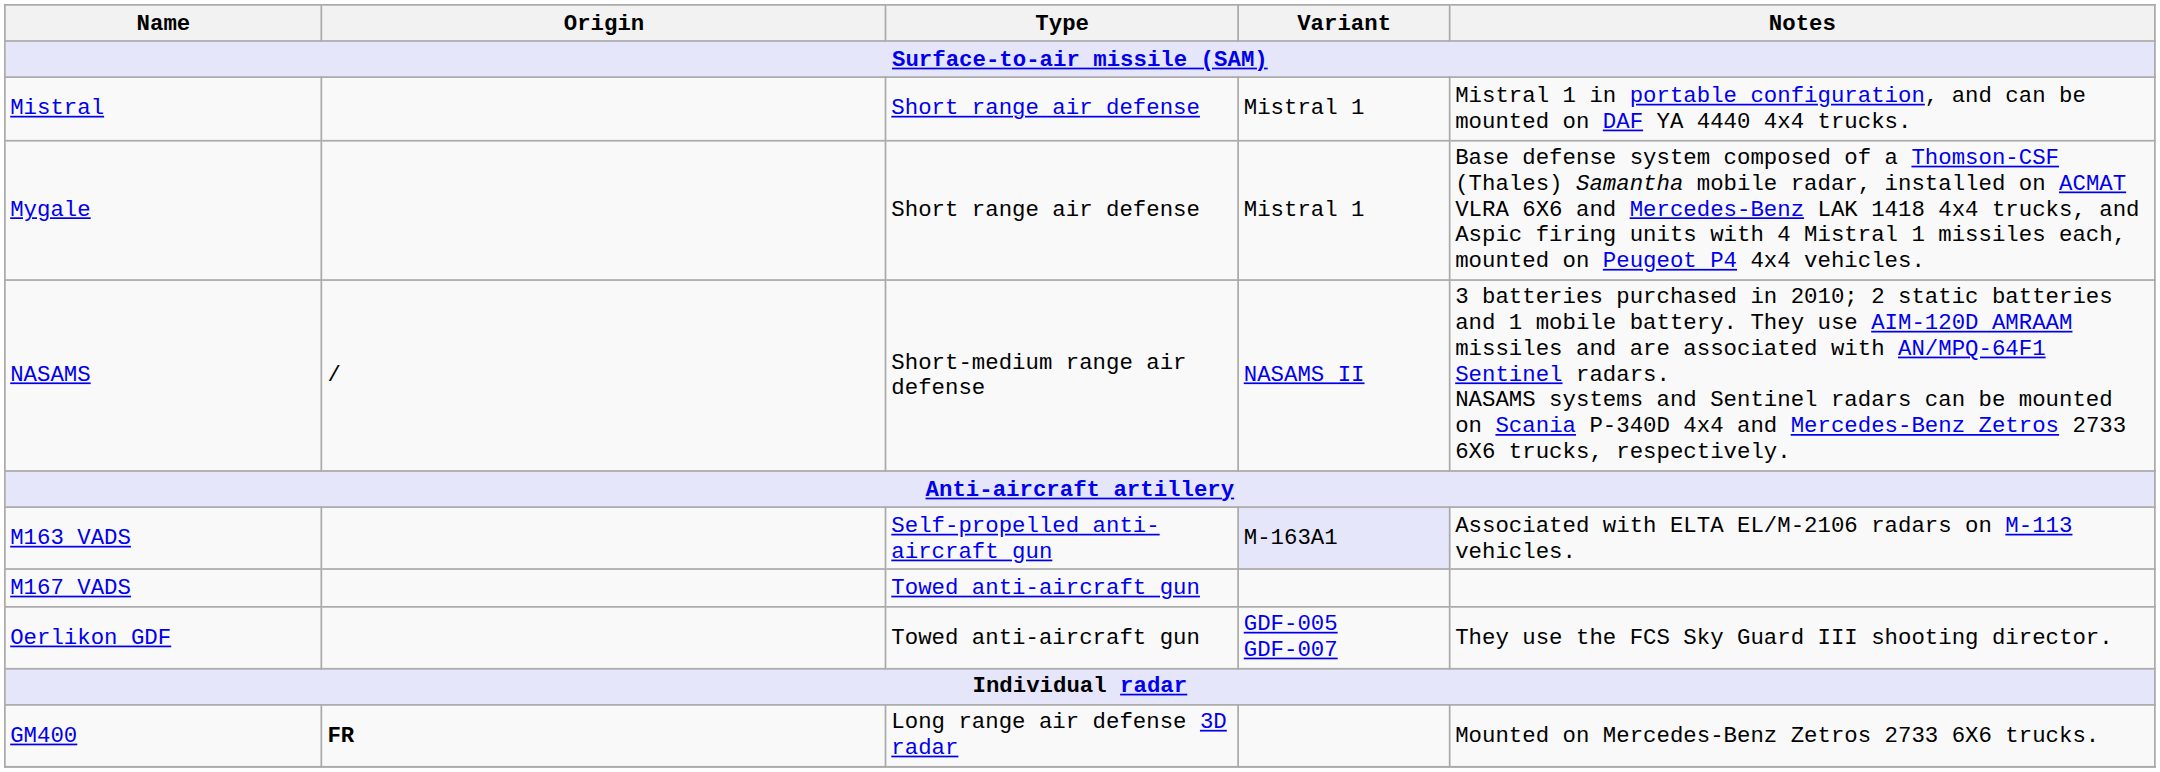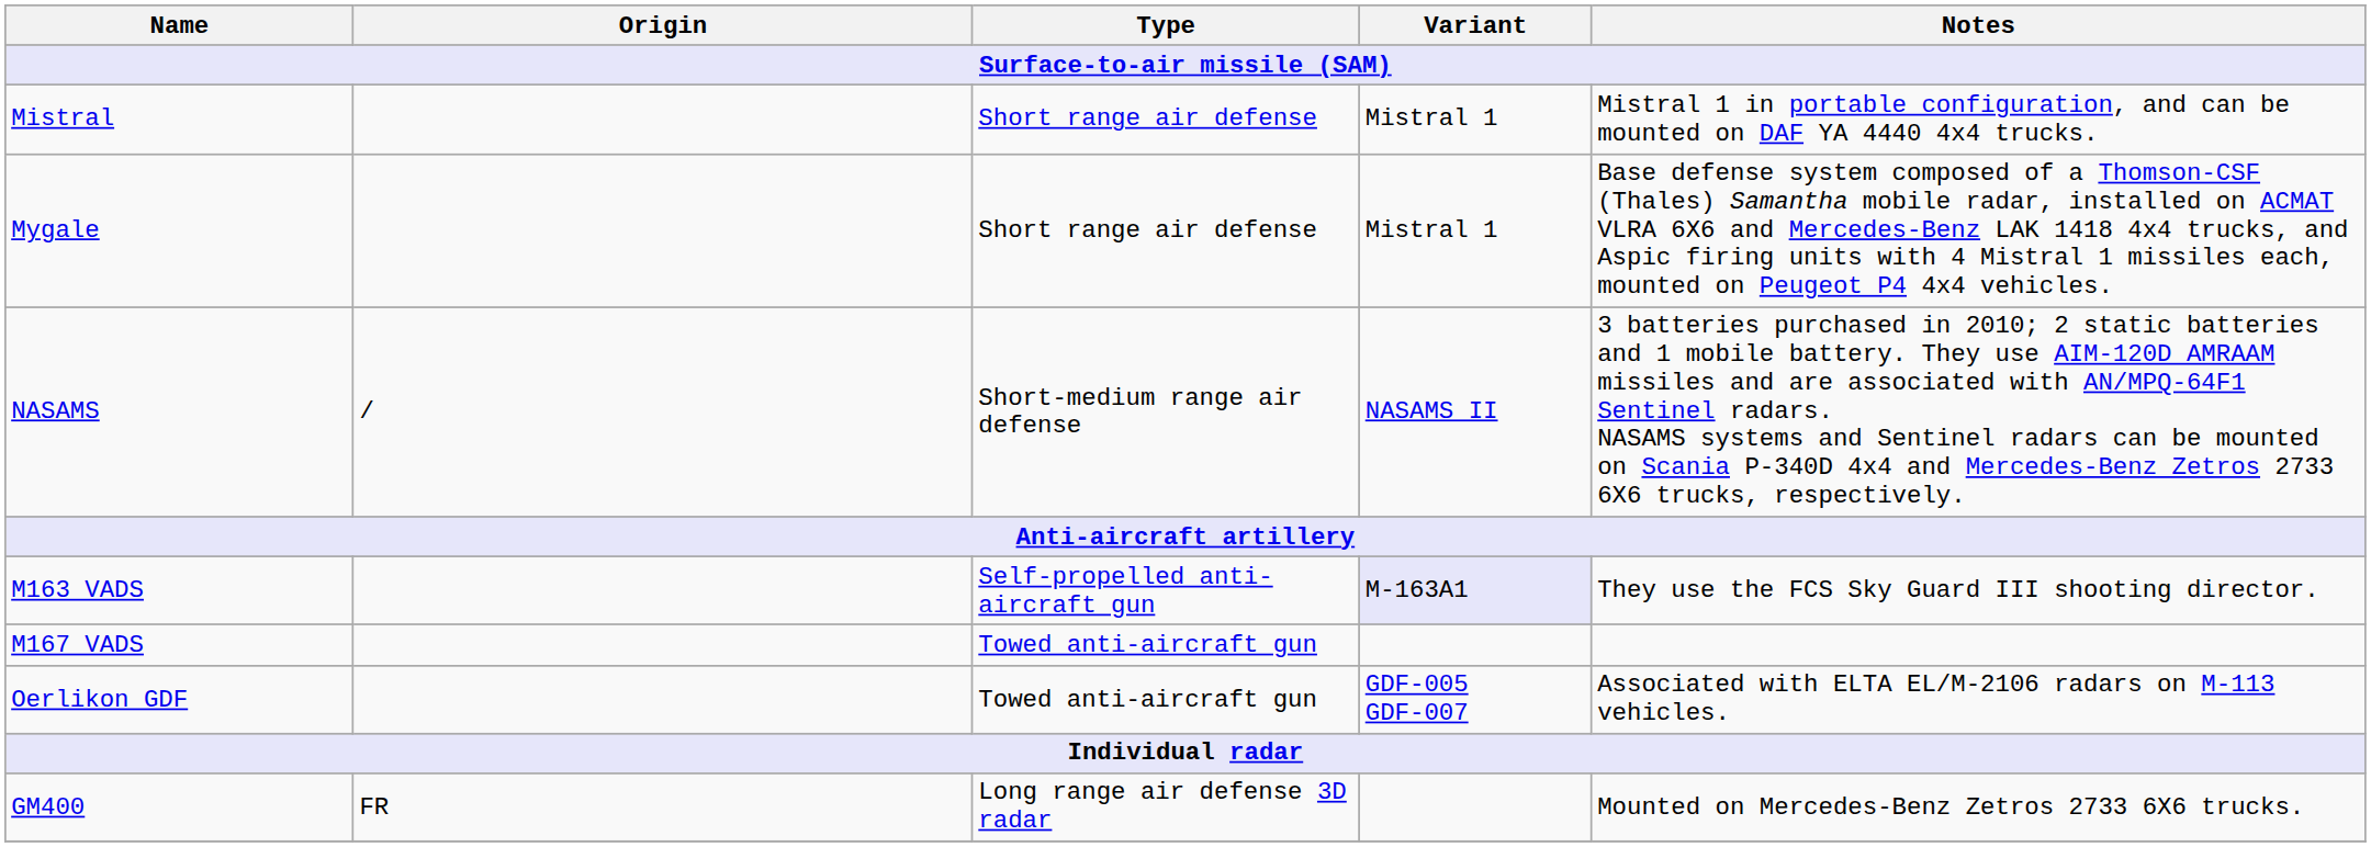 <table class="wikitable">
 <tr>
 <th width="9%">Name</th>
 <th width="16%">Origin</th>
 <th width="10%">Type</th>
 <th width="6%">Variant</th>
 <th width="20%">Notes</th>
 </tr>
 <tr>
 <th style="align: center; background: lavender;" colspan="7"><a href='#'>Surface-to-air missile (SAM)</a></th>
 </tr>
 <tr>
 <td><a href='#'>Mistral</a></td>
 <td></td>
 <td><a href='#'>Short range air defense</a></td>
 <td>Mistral 1</td>
 <td>Mistral 1 in <a href='#'>portable configuration</a>, and can be mounted on <a href='#'>DAF</a> YA 4440 4x4 trucks.</td>
 </tr>
 <tr>
 <td><a href='#'>Mygale</a></td>
 <td></td>
 <td>Short range air defense</td>
 <td>Mistral 1</td>
 <td>Base defense system composed of a <a href='#'>Thomson-CSF</a> (Thales) <em>Samantha</em> mobile radar, installed on <a href='#'>ACMAT</a> VLRA 6X6 and <a href='#'>Mercedes-Benz</a> LAK 1418 4x4 trucks, and Aspic firing units with 4 Mistral 1 missiles each, mounted on <a href='#'>Peugeot P4</a> 4x4 vehicles.</td>
 </tr>
 <tr>
 <td><a href='#'>NASAMS</a></td>
 <td> / </td>
 <td>Short-medium range air defense</td>
 <td><a href='#'>NASAMS II</a></td>
 <td>3 batteries purchased in 2010; 2 static batteries and 1 mobile battery. They use <a href='#'>AIM-120D AMRAAM</a> missiles and are associated with <a href='#'>AN/MPQ-64F1 Sentinel</a> radars.<br>NASAMS systems and Sentinel radars can be mounted on <a href='#'>Scania</a> P-340D 4x4 and <a href='#'>Mercedes-Benz Zetros</a> 2733 6X6 trucks, respectively.</td>
 </tr>
 <tr>
 <th style="align: center; background: lavender;" colspan="7"><a href='#'>Anti-aircraft artillery</a></th>
 </tr>
 <tr>
 <td><a href='#'>M163 VADS</a></td>
 <td></td>
 <td><a href='#'>Self-propelled anti-aircraft gun</a></td>
 <td style="background: lavender;">M-163A1</td>
-<td>Associated with ELTA EL/M-2106 radars on <a href='#'>M-113</a> vehicles.</td>
+<td>They use the FCS Sky Guard III shooting director.</td>
 </tr>
 <tr>
 <td><a href='#'>M167 VADS</a></td>
 <td></td>
 <td><a href='#'>Towed anti-aircraft gun</a></td>
 <td></td>
 <td></td>
 </tr>
 <tr>
 <td><a href='#'>Oerlikon GDF</a></td>
 <td></td>
 <td>Towed anti-aircraft gun</td>
 <td><a href='#'>GDF-005</a><br><a href='#'>GDF-007</a></td>
-<td>They use the FCS Sky Guard III shooting director.</td>
+<td>Associated with ELTA EL/M-2106 radars on <a href='#'>M-113</a> vehicles.</td>
 </tr>
 <tr>
 <th style="align: center; background: lavender;" colspan="7">Individual <a href='#'>radar</a></th>
 </tr>
 <tr>
 <td><a href='#'>GM400</a></td>
-<td><strong> FR</strong></td>
+<td> FR</td>
 <td>Long range air defense <a href='#'>3D radar</a></td>
 <td></td>
 <td>Mounted on Mercedes-Benz Zetros 2733 6X6 trucks.</td>
 </tr>
 <tr>
 </tr>
 </table>
